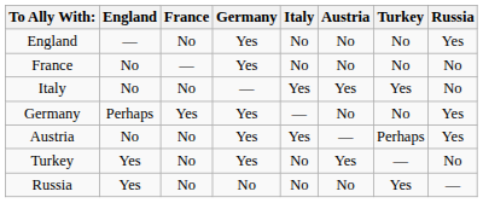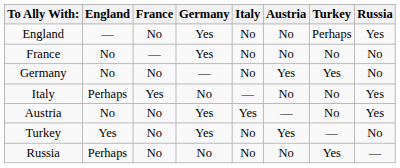 <table class="wikitable">
 <tr align="center">
 <th>To Ally With:</th>
 <th>England</th>
 <th>France</th>
 <th>Germany</th>
 <th>Italy</th>
 <th>Austria</th>
 <th>Turkey</th>
 <th>Russia</th>
 </tr>
 <tr align="center">
 <td>England</td>
 <td>—</td>
 <td>No</td>
 <td>Yes</td>
 <td>No</td>
 <td>No</td>
-<td>No</td>
+<td>Perhaps</td>
 <td>Yes</td>
 </tr>
 <tr align ="center">
 <td>France</td>
 <td>No</td>
 <td>—</td>
 <td>Yes</td>
 <td>No</td>
 <td>No</td>
 <td>No</td>
 <td>No</td>
 </tr>
 <tr align ="center">
-<td>Italy</td>
+<td>Germany</td>
 <td>No</td>
 <td>No</td>
 <td>—</td>
-<td>Yes</td>
+<td>No</td>
 <td>Yes</td>
 <td>Yes</td>
 <td>No</td>
 </tr>
 <tr align ="center">
-<td>Germany</td>
+<td>Italy</td>
 <td>Perhaps</td>
 <td>Yes</td>
-<td>Yes</td>
+<td>No</td>
 <td>—</td>
 <td>No</td>
 <td>No</td>
 <td>Yes</td>
 </tr>
 <tr align ="center">
 <td>Austria</td>
 <td>No</td>
 <td>No</td>
 <td>Yes</td>
 <td>Yes</td>
 <td>—</td>
-<td>Perhaps</td>
+<td>No</td>
 <td>Yes</td>
 </tr>
 <tr align ="center">
 <td>Turkey</td>
 <td>Yes</td>
 <td>No</td>
 <td>Yes</td>
 <td>No</td>
 <td>Yes</td>
 <td>—</td>
 <td>No</td>
 </tr>
 <tr align ="center">
 <td>Russia</td>
-<td>Yes</td>
+<td>Perhaps</td>
 <td>No</td>
 <td>No</td>
 <td>No</td>
 <td>No</td>
 <td>Yes</td>
 <td>—</td>
 </tr>
 </table>
